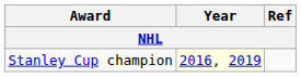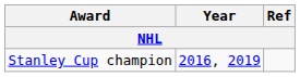 <table class="wikitable">
 <tr>
 <th>Award</th>
 <th>Year</th>
 <th>Ref</th>
 </tr>
 <tr>
 <th colspan="3"><a href='#'>NHL</a></th>
 </tr>
 <tr>
 <td><a href='#'>Stanley Cup</a> champion</td>
-<td style="background: lightyellow;"><a href='#'>2016</a>, <a href='#'>2019</a></td>
+<td><a href='#'>2016</a>, <a href='#'>2019</a></td>
 <td></td>
 </tr>
 </table>
